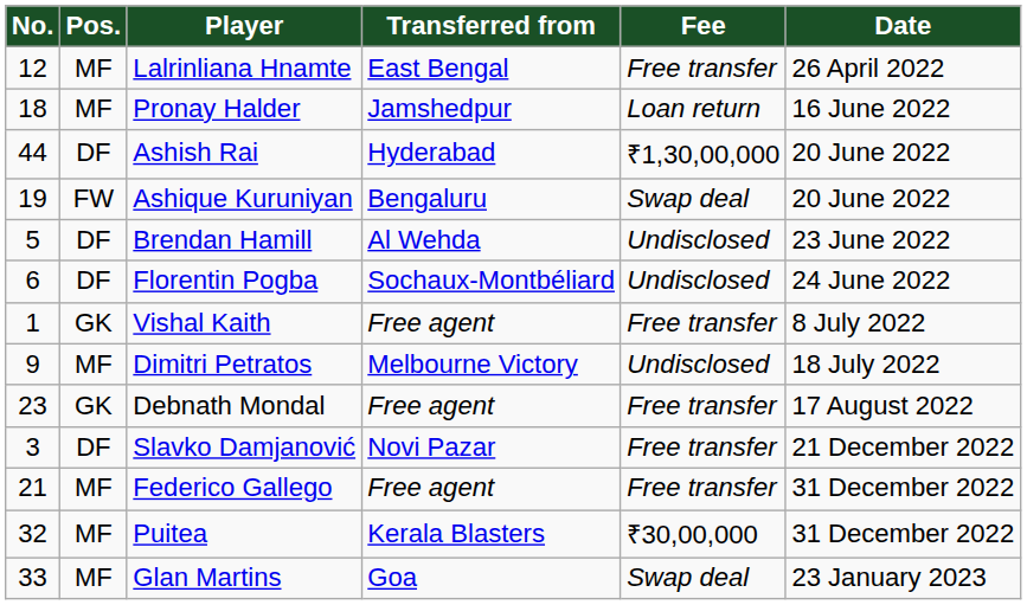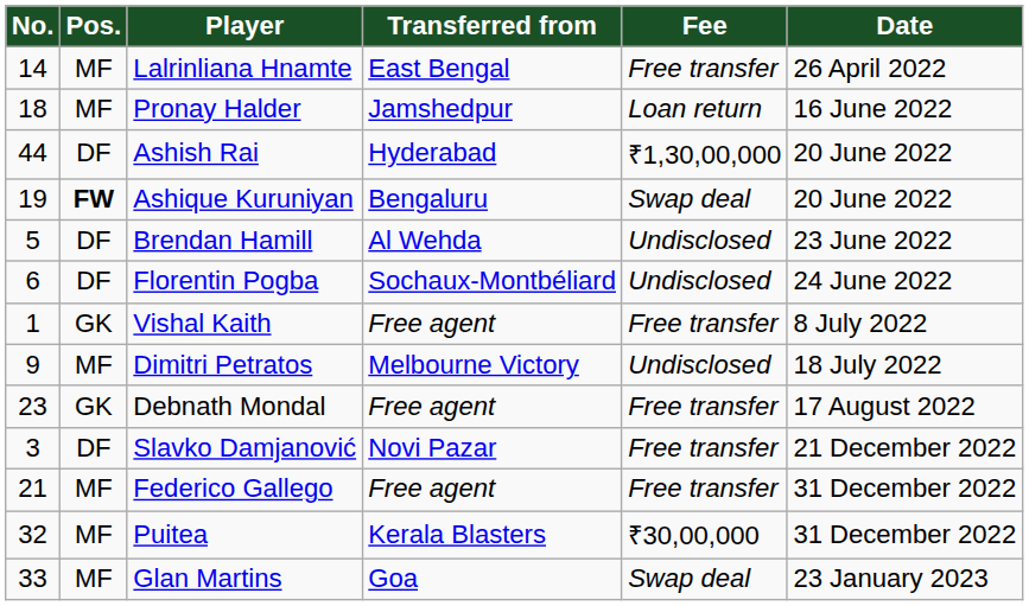 <table class="wikitable plainrowheaders sortable">
 <tr>
 <th style="background:#1A5026; color:#FFFFFF; ">No.</th>
 <th style="background:#1A5026; color:#FFFFFF; ">Pos.</th>
 <th style="background:#1A5026; color:#FFFFFF; ">Player</th>
 <th style="background:#1A5026; color:#FFFFFF; ">Transferred from</th>
 <th style="background:#1A5026; color:#FFFFFF; ">Fee</th>
 <th style="background:#1A5026; color:#FFFFFF; ">Date</th>
 </tr>
 <tr>
-<td align=center>12</td>
+<td align=center>14</td>
 <td align=center>MF</td>
 <td> <a href='#'>Lalrinliana Hnamte</a></td>
 <td><a href='#'>East Bengal</a></td>
 <td><em>Free transfer</em></td>
 <td>26 April 2022</td>
 </tr>
 <tr>
 <td align=center>18</td>
 <td align=center>MF</td>
 <td> <a href='#'>Pronay Halder</a></td>
 <td><a href='#'>Jamshedpur</a></td>
 <td><em>Loan return</em></td>
 <td>16 June 2022</td>
 </tr>
 <tr>
 <td align=center>44</td>
 <td align=center>DF</td>
 <td> <a href='#'>Ashish Rai</a></td>
 <td><a href='#'>Hyderabad</a></td>
 <td>₹1,30,00,000</td>
 <td>20 June 2022</td>
 </tr>
 <tr>
 <td align=center>19</td>
-<td align=center>FW</td>
+<td align=center><strong>FW</strong></td>
 <td> <a href='#'>Ashique Kuruniyan</a></td>
 <td><a href='#'>Bengaluru</a></td>
 <td><em>Swap deal</em></td>
 <td>20 June 2022</td>
 </tr>
 <tr>
 <td align=center>5</td>
 <td align=center>DF</td>
 <td> <a href='#'>Brendan Hamill</a></td>
 <td> <a href='#'>Al Wehda</a></td>
 <td><em>Undisclosed</em></td>
 <td>23 June 2022</td>
 </tr>
 <tr>
 <td align=center>6</td>
 <td align=center>DF</td>
 <td> <a href='#'>Florentin Pogba</a></td>
 <td> <a href='#'>Sochaux-Montbéliard</a></td>
 <td><em>Undisclosed</em></td>
 <td>24 June 2022</td>
 </tr>
 <tr>
 <td align=center>1</td>
 <td align=center>GK</td>
 <td> <a href='#'>Vishal Kaith</a></td>
 <td><em>Free agent</em></td>
 <td><em>Free transfer</em></td>
 <td>8 July 2022</td>
 </tr>
 <tr>
 <td align=center>9</td>
 <td align=center>MF</td>
 <td> <a href='#'>Dimitri Petratos</a></td>
 <td> <a href='#'>Melbourne Victory</a></td>
 <td><em>Undisclosed</em></td>
 <td>18 July 2022</td>
 </tr>
 <tr>
 <td align=center>23</td>
 <td align=center>GK</td>
 <td> Debnath Mondal</td>
 <td><em>Free agent</em></td>
 <td><em>Free transfer</em></td>
 <td>17 August 2022</td>
 </tr>
 <tr>
 <td align=center>3</td>
 <td align=center>DF</td>
 <td> <a href='#'>Slavko Damjanović</a></td>
 <td> <a href='#'>Novi Pazar</a></td>
 <td><em>Free transfer</em></td>
 <td>21 December 2022</td>
 </tr>
 <tr>
 <td align=center>21</td>
 <td align=center>MF</td>
 <td> <a href='#'>Federico Gallego</a></td>
 <td><em>Free agent</em></td>
 <td><em>Free transfer</em></td>
 <td>31 December 2022</td>
 </tr>
 <tr>
 <td align=center>32</td>
 <td align=center>MF</td>
 <td> <a href='#'>Puitea</a></td>
 <td><a href='#'>Kerala Blasters</a></td>
 <td>₹30,00,000</td>
 <td>31 December 2022</td>
 </tr>
 <tr>
 <td align=center>33</td>
 <td align=center>MF</td>
 <td> <a href='#'>Glan Martins</a></td>
 <td><a href='#'>Goa</a></td>
 <td><em>Swap deal</em></td>
 <td>23 January 2023</td>
 </tr>
 </table>
